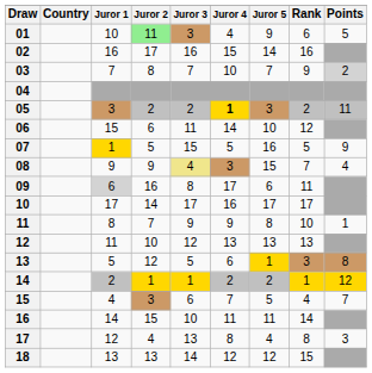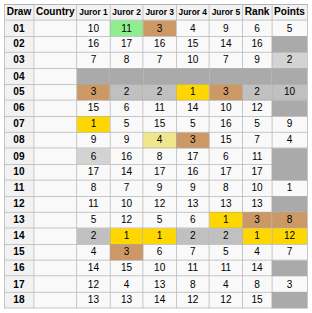 <table class="sortable wikitable collapsible plainrowheaders" style="text-align:center;">
 <tr>
 </tr>
 <tr>
 <th scope="col">Draw</th>
 <th scope="col">Country</th>
 <th scope="col"><small>Juror 1</small></th>
 <th scope="col"><small>Juror 2</small></th>
 <th scope="col"><small>Juror 3</small></th>
 <th scope="col"><small>Juror 4</small></th>
 <th scope="col"><small>Juror 5</small></th>
 <th scope="col">Rank</th>
 <th scope="col">Points</th>
 </tr>
 <tr>
 <th scope="row" style="text-align:center;">01</th>
 <td style="text-align:left;"></td>
 <td>10</td>
 <td style="background: lightgreen;">11</td>
 <td style="background:#CC9966">3</td>
 <td>4</td>
 <td>9</td>
 <td>6</td>
 <td>5</td>
 </tr>
 <tr>
 <th scope="row" style="text-align:center;">02</th>
 <td style="text-align:left;"></td>
 <td>16</td>
 <td>17</td>
 <td>16</td>
 <td>15</td>
 <td>14</td>
 <td>16</td>
 <td style="background:#AAAAAA;"></td>
 </tr>
 <tr>
 <th scope="row" style="text-align:center;">03</th>
 <td style="text-align:left;"></td>
 <td>7</td>
 <td>8</td>
 <td>7</td>
 <td>10</td>
 <td>7</td>
 <td>9</td>
 <td style="background: lightgrey;">2</td>
 </tr>
 <tr>
 <th scope="row" style="text-align:center;">04</th>
 <td style="text-align:left;"></td>
 <td style="background:#AAAAAA;"></td>
 <td style="background:#AAAAAA;"></td>
 <td style="background:#AAAAAA;"></td>
 <td style="background:#AAAAAA;"></td>
 <td style="background:#AAAAAA;"></td>
 <td style="background:#AAAAAA;"></td>
 <td style="background:#AAAAAA;"></td>
 </tr>
 <tr>
 <th scope="row" style="text-align:center;">05</th>
 <td style="text-align:left;"></td>
 <td style="background:#cc9966;">3</td>
 <td style="background:silver;">2</td>
 <td style="background:silver;">2</td>
-<td style="background:gold;"><strong>1</strong></td>
+<td style="background:gold;">1</td>
 <td style="background:#CC9966;">3</td>
 <td style="background:silver;">2</td>
-<td style="background:silver;">11</td>
+<td style="background:silver;">10</td>
 </tr>
 <tr>
 <th scope="row" style="text-align:center;">06</th>
 <td style="text-align:left;"></td>
 <td>15</td>
 <td>6</td>
 <td>11</td>
 <td>14</td>
 <td>10</td>
 <td>12</td>
 <td style="background:#AAAAAA;"></td>
 </tr>
 <tr>
 <th scope="row" style="text-align:center;">07</th>
 <td style="text-align:left;"></td>
 <td style="background:gold;">1</td>
 <td>5</td>
 <td>15</td>
 <td>5</td>
 <td>16</td>
 <td>5</td>
 <td>9</td>
 </tr>
 <tr>
 <th scope="row" style="text-align:center;">08</th>
 <td style="text-align:left;"></td>
 <td>9</td>
 <td>9</td>
 <td style="background: khaki;">4</td>
 <td style="background:#CC9966;">3</td>
 <td>15</td>
 <td>7</td>
 <td>4</td>
 </tr>
 <tr>
 <th scope="row" style="text-align:center;">09</th>
 <td style="text-align:left;"></td>
 <td style="background: lightgrey;">6</td>
 <td>16</td>
 <td>8</td>
 <td>17</td>
 <td>6</td>
 <td>11</td>
 <td style="background:#AAAAAA;"></td>
 </tr>
 <tr>
 <th scope="row" style="text-align:center;">10</th>
 <td style="text-align:left;"></td>
 <td>17</td>
 <td>14</td>
 <td>17</td>
 <td>16</td>
 <td>17</td>
 <td>17</td>
 <td style="background:#AAAAAA;"></td>
 </tr>
 <tr>
 <th scope="row" style="text-align:center;">11</th>
 <td style="text-align:left;"></td>
 <td>8</td>
 <td>7</td>
 <td>9</td>
 <td>9</td>
 <td>8</td>
 <td>10</td>
 <td>1</td>
 </tr>
 <tr>
 <th scope="row" style="text-align:center;">12</th>
 <td style="text-align:left;"></td>
 <td>11</td>
 <td>10</td>
 <td>12</td>
 <td>13</td>
 <td>13</td>
 <td>13</td>
 <td style="background:#AAAAAA;"></td>
 </tr>
 <tr>
 <th scope="row" style="text-align:center;">13</th>
 <td style="text-align:left;"></td>
 <td>5</td>
 <td>12</td>
 <td>5</td>
 <td>6</td>
 <td style="background:gold;">1</td>
 <td style="background:#CC9966;">3</td>
 <td style="background:#CC9966;">8</td>
 </tr>
 <tr>
 <th scope="row" style="text-align:center;">14</th>
 <td style="text-align:left;"></td>
 <td style="background:silver;">2</td>
 <td style="background:gold;">1</td>
 <td style="background:gold;">1</td>
 <td style="background:silver;">2</td>
 <td style="background:silver;">2</td>
 <td style="background:gold;">1</td>
 <td style="background:gold;">12</td>
 </tr>
 <tr>
 <th scope="row" style="text-align:center;">15</th>
 <td style="text-align:left;"></td>
 <td>4</td>
 <td style="background:#CC9966;">3</td>
 <td>6</td>
 <td>7</td>
 <td>5</td>
 <td>4</td>
 <td>7</td>
 </tr>
 <tr>
 <th scope="row" style="text-align:center;">16</th>
 <td style="text-align:left;"></td>
 <td>14</td>
 <td>15</td>
 <td>10</td>
 <td>11</td>
 <td>11</td>
 <td>14</td>
 <td style="background:#AAAAAA;"></td>
 </tr>
 <tr>
 <th scope="row" style="text-align:center;">17</th>
 <td style="text-align:left;"></td>
 <td>12</td>
 <td>4</td>
 <td>13</td>
 <td>8</td>
 <td>4</td>
 <td>8</td>
 <td>3</td>
 </tr>
 <tr>
 <th scope="row" style="text-align:center;">18</th>
 <td style="text-align:left;"></td>
 <td>13</td>
 <td>13</td>
 <td>14</td>
 <td>12</td>
 <td>12</td>
 <td>15</td>
 <td style="background:#AAAAAA;"></td>
 </tr>
 </table>
